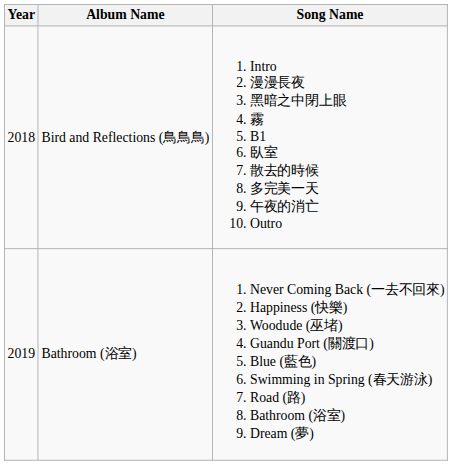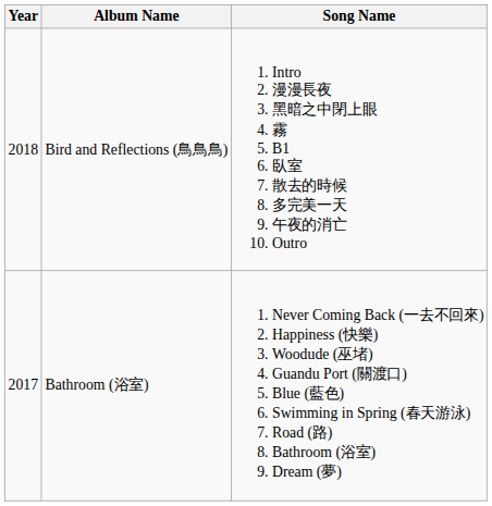 <table class="wikitable">
 <tr>
 <th>Year</th>
 <th>Album Name</th>
 <th>Song Name</th>
 </tr>
 <tr>
 <td>2018</td>
 <td>Bird and Reflections (鳥鳥鳥)</td>
 <td><br><ol><li>Intro</li><li>漫漫長夜</li><li>黑暗之中閉上眼</li><li>霧</li><li>B1</li><li>臥室</li><li>散去的時候</li><li>多完美一天</li><li>午夜的消亡</li><li>Outro</li></ol></td>
 </tr>
 <tr>
-<td>2019</td>
+<td>2017</td>
 <td>Bathroom (浴室)</td>
 <td><br><ol><li>Never Coming Back (一去不回來)</li><li>Happiness (快樂)</li><li>Woodude (巫堵)</li><li>Guandu Port (關渡口)</li><li>Blue (藍色)</li><li>Swimming in Spring (春天游泳)</li><li>Road (路)</li><li>Bathroom (浴室)</li><li>Dream (夢)</li></ol></td>
 </tr>
 </table>
